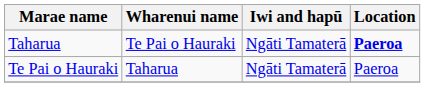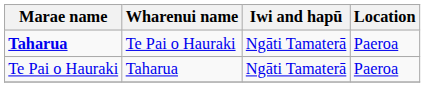 <table class="wikitable sortable">
 <tr>
 <th>Marae name</th>
 <th>Wharenui name</th>
 <th>Iwi and hapū</th>
 <th>Location</th>
 </tr>
 <tr>
-<td><a href='#'>Taharua</a></td>
+<td><strong><a href='#'>Taharua</a></strong></td>
 <td><a href='#'>Te Pai o Hauraki</a></td>
 <td><a href='#'>Ngāti Tamaterā</a></td>
-<td><strong><a href='#'>Paeroa</a></strong></td>
+<td><a href='#'>Paeroa</a></td>
 </tr>
 <tr>
 <td><a href='#'>Te Pai o Hauraki</a></td>
 <td><a href='#'>Taharua</a></td>
 <td><a href='#'>Ngāti Tamaterā</a></td>
 <td><a href='#'>Paeroa</a></td>
 </tr>
 <tr>
 </tr>
 </table>
